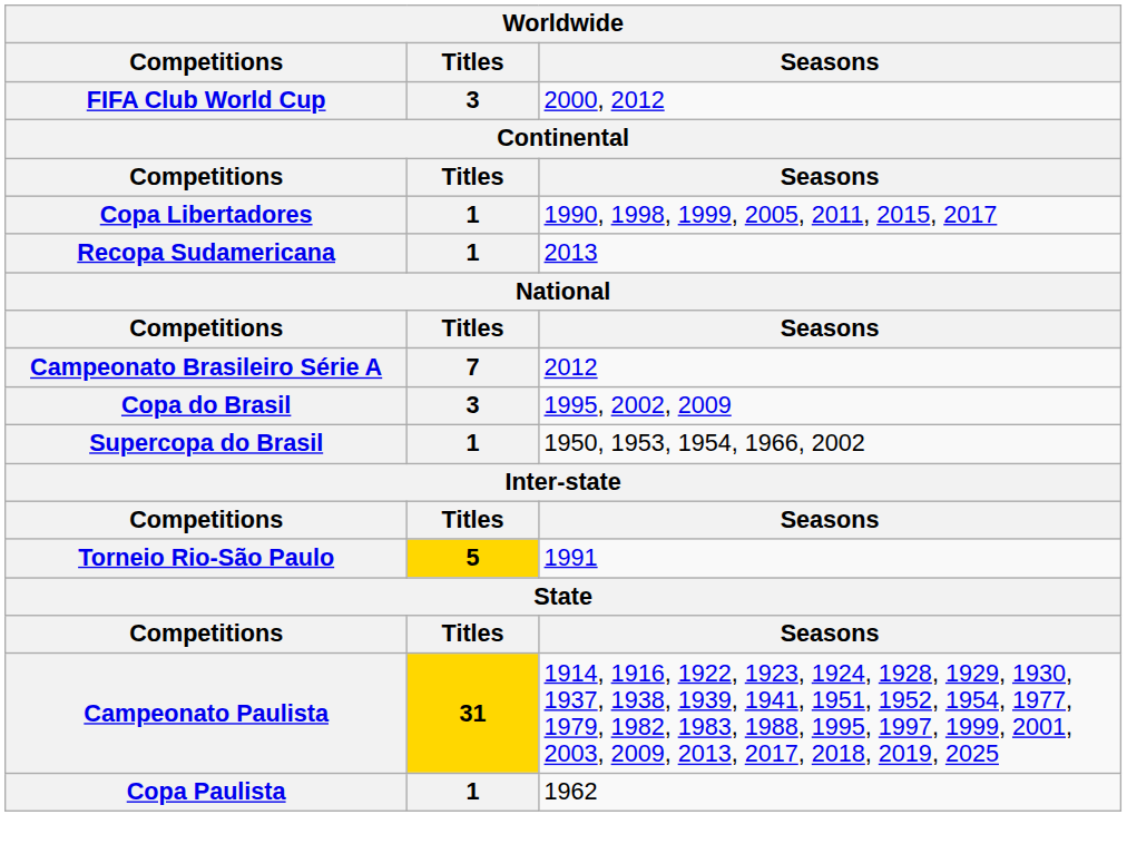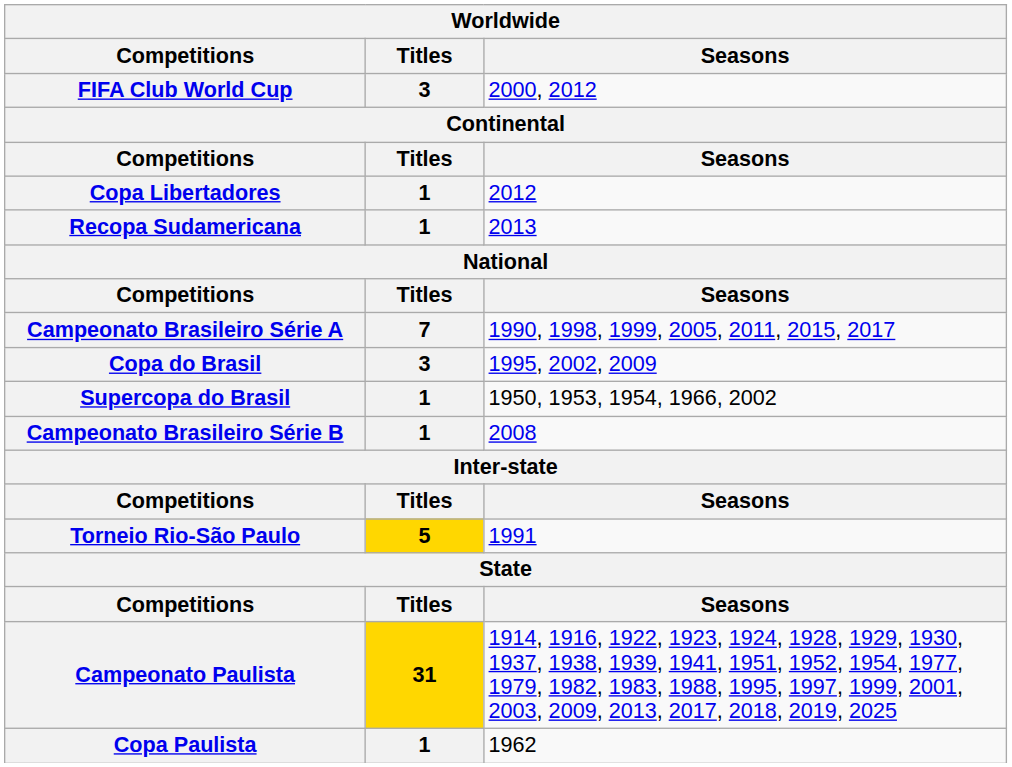 <table class="wikitable sortable”">
 <tr |->
 <th colspan="3”">Worldwide</th>
 </tr>
 <tr>
 <th style="width:260px">Competitions</th>
 <th style="width:80px">Titles</th>
 <th style="width:380px">Seasons</th>
 </tr>
 <tr>
 <th scope="col"><a href='#'>FIFA Club World Cup</a></th>
 <th align="center"><strong>3</strong></th>
 <td align="left"><a href='#'>2000</a>, <a href='#'>2012</a></td>
 </tr>
 <tr>
 <th colspan="3">Continental</th>
 </tr>
 <tr>
 <th style="width:260px">Competitions</th>
 <th style="width:80px">Titles</th>
 <th style="width:380px">Seasons</th>
 </tr>
 <tr>
 <th scope="col"><a href='#'>Copa Libertadores</a></th>
 <th align="center"><strong>1</strong></th>
-<td align="left"><a href='#'>1990</a>, <a href='#'>1998</a>, <a href='#'>1999</a>, <a href='#'>2005</a>, <a href='#'>2011</a>, <a href='#'>2015</a>, <a href='#'>2017</a></td>
+<td align="left"><a href='#'>2012</a></td>
 </tr>
 <tr>
 <th scope=col><a href='#'>Recopa Sudamericana</a></th>
 <th align="center"><strong>1</strong></th>
 <td align="left"><a href='#'>2013</a></td>
 </tr>
 <tr>
 <th colspan="3">National</th>
 </tr>
 <tr>
 <th style="width:260px">Competitions</th>
 <th style="width:80px">Titles</th>
 <th style="width:380px">Seasons</th>
 </tr>
 <tr>
 <th scope=col><a href='#'>Campeonato Brasileiro Série A</a></th>
 <th align="center"><strong>7</strong></th>
-<td align="left"><a href='#'>2012</a></td>
+<td align="left"><a href='#'>1990</a>, <a href='#'>1998</a>, <a href='#'>1999</a>, <a href='#'>2005</a>, <a href='#'>2011</a>, <a href='#'>2015</a>, <a href='#'>2017</a></td>
 </tr>
 <tr>
 <th scope=col><a href='#'>Copa do Brasil</a></th>
 <th align="center"><strong>3</strong></th>
 <td align="left"><a href='#'>1995</a>, <a href='#'>2002</a>, <a href='#'>2009</a></td>
 </tr>
 <tr>
 <th scope="col"><a href='#'>Supercopa do Brasil</a></th>
 <th align="center"><strong>1</strong></th>
 <td align="left">1950, 1953, 1954, 1966, 2002</td>
+</tr>
+<tr>
+<th scope=col><a href='#'>Campeonato Brasileiro Série B</a></th>
+<th align="center"><strong>1</strong></th>
+<td align="left"><a href='#'>2008</a></td>
 </tr>
 <tr>
 <th colspan="3">Inter-state</th>
 </tr>
 <tr>
 <th style="width:260px">Competitions</th>
 <th style="width:80px">Titles</th>
 <th style="width:380px">Seasons</th>
 </tr>
 <tr>
 <th scope="col"><a href='#'>Torneio Rio-São Paulo</a></th>
 <td bgcolor="gold" style="text-align:center"><strong>5</strong></td>
 <td align="left"><a href='#'>1991</a></td>
 </tr>
 <tr>
 <th colspan="3">State</th>
 </tr>
 <tr>
 <th style="width:260px">Competitions</th>
 <th style="width:80px">Titles</th>
 <th style="width:380px">Seasons</th>
 </tr>
 <tr>
 <th scope="col"><a href='#'>Campeonato Paulista</a></th>
 <td bgcolor="gold" style="text-align:center"><strong>31</strong></td>
 <td align="left"><a href='#'>1914</a>, <a href='#'>1916</a>, <a href='#'>1922</a>, <a href='#'>1923</a>, <a href='#'>1924</a>, <a href='#'>1928</a>, <a href='#'>1929</a>, <a href='#'>1930</a>, <a href='#'>1937</a>, <a href='#'>1938</a>, <a href='#'>1939</a>, <a href='#'>1941</a>, <a href='#'>1951</a>, <a href='#'>1952</a>, <a href='#'>1954</a>, <a href='#'>1977</a>, <a href='#'>1979</a>, <a href='#'>1982</a>, <a href='#'>1983</a>, <a href='#'>1988</a>, <a href='#'>1995</a>, <a href='#'>1997</a>, <a href='#'>1999</a>, <a href='#'>2001</a>, <a href='#'>2003</a>, <a href='#'>2009</a>, <a href='#'>2013</a>, <a href='#'>2017</a>, <a href='#'>2018</a>, <a href='#'>2019</a>, <a href='#'>2025</a></td>
 </tr>
 <tr>
 <th scope=col><a href='#'>Copa Paulista</a></th>
 <th align="center"><strong>1</strong></th>
 <td align="left">1962</td>
 </tr>
 </table>
